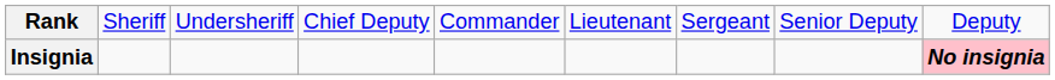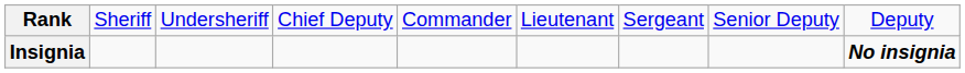 <table class="wikitable">
 <tr style="text-align:center;">
 <th>Rank</th>
 <td><a href='#'>Sheriff</a></td>
 <td><a href='#'>Undersheriff</a></td>
 <td><a href='#'>Chief Deputy</a></td>
 <td><a href='#'>Commander</a></td>
 <td><a href='#'>Lieutenant</a></td>
 <td><a href='#'>Sergeant</a></td>
 <td><a href='#'>Senior Deputy</a></td>
 <td><a href='#'>Deputy</a></td>
 </tr>
 <tr style="text-align:center;">
 <th>Insignia</th>
 <td></td>
 <td></td>
 <td></td>
 <td></td>
 <td></td>
 <td></td>
 <td></td>
-<td style="background: pink;"><strong><em>No insignia</em></strong></td>
+<td><strong><em>No insignia</em></strong></td>
 </tr>
 </table>
